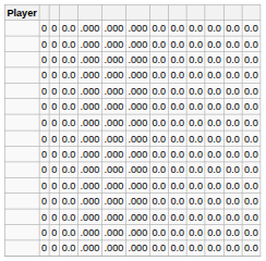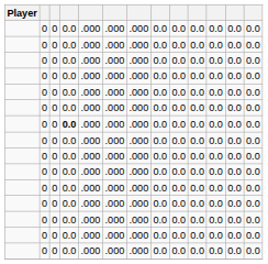 <table class="wikitable sortable" style="font-size:95%; text-align:right;">
 <tr>
 <th>Player</th>
 <th></th>
 <th></th>
 <th></th>
 <th></th>
 <th></th>
 <th></th>
 <th></th>
 <th></th>
 <th></th>
 <th></th>
 <th></th>
 <th></th>
 </tr>
 <tr>
 <td><strong></strong></td>
 <td>0</td>
 <td>0</td>
 <td>0.0</td>
 <td>.000</td>
 <td>.000</td>
 <td>.000</td>
 <td>0.0</td>
 <td>0.0</td>
 <td>0.0</td>
 <td>0.0</td>
 <td>0.0</td>
 <td>0.0</td>
 </tr>
 <tr>
 <td><strong></strong></td>
 <td>0</td>
 <td>0</td>
 <td>0.0</td>
 <td>.000</td>
 <td>.000</td>
 <td>.000</td>
 <td>0.0</td>
 <td>0.0</td>
 <td>0.0</td>
 <td>0.0</td>
 <td>0.0</td>
 <td>0.0</td>
 </tr>
 <tr>
 <td><strong></strong></td>
 <td>0</td>
 <td>0</td>
 <td>0.0</td>
 <td>.000</td>
 <td>.000</td>
 <td>.000</td>
 <td>0.0</td>
 <td>0.0</td>
 <td>0.0</td>
 <td>0.0</td>
 <td>0.0</td>
 <td>0.0</td>
 </tr>
 <tr>
 <td><strong></strong></td>
 <td>0</td>
 <td>0</td>
 <td>0.0</td>
 <td>.000</td>
 <td>.000</td>
 <td>.000</td>
 <td>0.0</td>
 <td>0.0</td>
 <td>0.0</td>
 <td>0.0</td>
 <td>0.0</td>
 <td>0.0</td>
 </tr>
 <tr>
 <td><strong></strong></td>
 <td>0</td>
 <td>0</td>
 <td>0.0</td>
 <td>.000</td>
 <td>.000</td>
 <td>.000</td>
 <td>0.0</td>
 <td>0.0</td>
 <td>0.0</td>
 <td>0.0</td>
 <td>0.0</td>
 <td>0.0</td>
 </tr>
 <tr>
 <td><strong></strong></td>
 <td>0</td>
 <td>0</td>
 <td>0.0</td>
 <td>.000</td>
 <td>.000</td>
 <td>.000</td>
 <td>0.0</td>
 <td>0.0</td>
 <td>0.0</td>
 <td>0.0</td>
 <td>0.0</td>
 <td>0.0</td>
 </tr>
 <tr>
 <td><strong></strong></td>
 <td>0</td>
 <td>0</td>
-<td>0.0</td>
+<td><strong>0.0</strong></td>
 <td>.000</td>
 <td>.000</td>
 <td>.000</td>
 <td>0.0</td>
 <td>0.0</td>
 <td>0.0</td>
 <td>0.0</td>
 <td>0.0</td>
 <td>0.0</td>
 </tr>
 <tr>
 <td><strong></strong></td>
 <td>0</td>
 <td>0</td>
 <td>0.0</td>
 <td>.000</td>
 <td>.000</td>
 <td>.000</td>
 <td>0.0</td>
 <td>0.0</td>
 <td>0.0</td>
 <td>0.0</td>
 <td>0.0</td>
 <td>0.0</td>
 </tr>
 <tr>
 <td><strong></strong></td>
 <td>0</td>
 <td>0</td>
 <td>0.0</td>
 <td>.000</td>
 <td>.000</td>
 <td>.000</td>
 <td>0.0</td>
 <td>0.0</td>
 <td>0.0</td>
 <td>0.0</td>
 <td>0.0</td>
 <td>0.0</td>
 </tr>
 <tr>
 <td><strong></strong></td>
 <td>0</td>
 <td>0</td>
 <td>0.0</td>
 <td>.000</td>
 <td>.000</td>
 <td>.000</td>
 <td>0.0</td>
 <td>0.0</td>
 <td>0.0</td>
 <td>0.0</td>
 <td>0.0</td>
 <td>0.0</td>
 </tr>
 <tr>
 <td><strong></strong></td>
 <td>0</td>
 <td>0</td>
 <td>0.0</td>
 <td>.000</td>
 <td>.000</td>
 <td>.000</td>
 <td>0.0</td>
 <td>0.0</td>
 <td>0.0</td>
 <td>0.0</td>
 <td>0.0</td>
 <td>0.0</td>
 </tr>
 <tr>
 <td><strong></strong></td>
 <td>0</td>
 <td>0</td>
 <td>0.0</td>
 <td>.000</td>
 <td>.000</td>
 <td>.000</td>
 <td>0.0</td>
 <td>0.0</td>
 <td>0.0</td>
 <td>0.0</td>
 <td>0.0</td>
 <td>0.0</td>
 </tr>
 <tr>
 <td><strong></strong></td>
 <td>0</td>
 <td>0</td>
 <td>0.0</td>
 <td>.000</td>
 <td>.000</td>
 <td>.000</td>
 <td>0.0</td>
 <td>0.0</td>
 <td>0.0</td>
 <td>0.0</td>
 <td>0.0</td>
 <td>0.0</td>
 </tr>
 <tr>
 <td><strong></strong></td>
 <td>0</td>
 <td>0</td>
 <td>0.0</td>
 <td>.000</td>
 <td>.000</td>
 <td>.000</td>
 <td>0.0</td>
 <td>0.0</td>
 <td>0.0</td>
 <td>0.0</td>
 <td>0.0</td>
 <td>0.0</td>
 </tr>
 <tr>
 <td><strong></strong></td>
 <td>0</td>
 <td>0</td>
 <td>0.0</td>
 <td>.000</td>
 <td>.000</td>
 <td>.000</td>
 <td>0.0</td>
 <td>0.0</td>
 <td>0.0</td>
 <td>0.0</td>
 <td>0.0</td>
 <td>0.0</td>
 </tr>
 <tr>
 </tr>
 </table>
